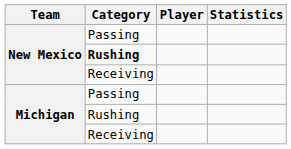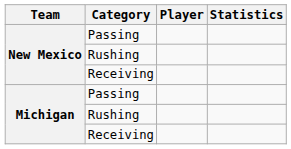 <table class="wikitable" style="float:right">
 <tr>
 <th>Team</th>
 <th>Category</th>
 <th>Player</th>
 <th>Statistics</th>
 </tr>
 <tr>
 <th rowspan=3>New Mexico</th>
 <td>Passing</td>
 <td></td>
 <td></td>
 </tr>
 <tr>
-<td><strong>Rushing</strong></td>
+<td>Rushing</td>
 <td></td>
 <td></td>
 </tr>
 <tr>
 <td>Receiving</td>
 <td></td>
 <td></td>
 </tr>
 <tr>
 <th rowspan=3>Michigan</th>
 <td>Passing</td>
 <td></td>
 <td></td>
 </tr>
 <tr>
 <td>Rushing</td>
 <td></td>
 <td></td>
 </tr>
 <tr>
 <td>Receiving</td>
 <td></td>
 <td></td>
 </tr>
 </table>
